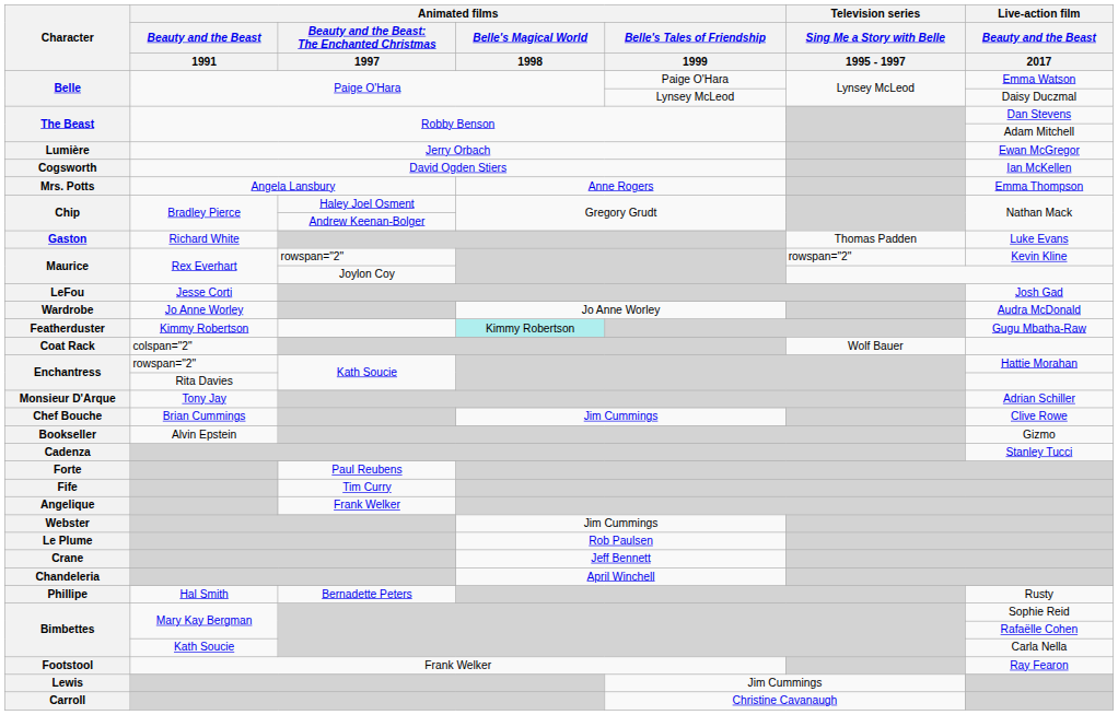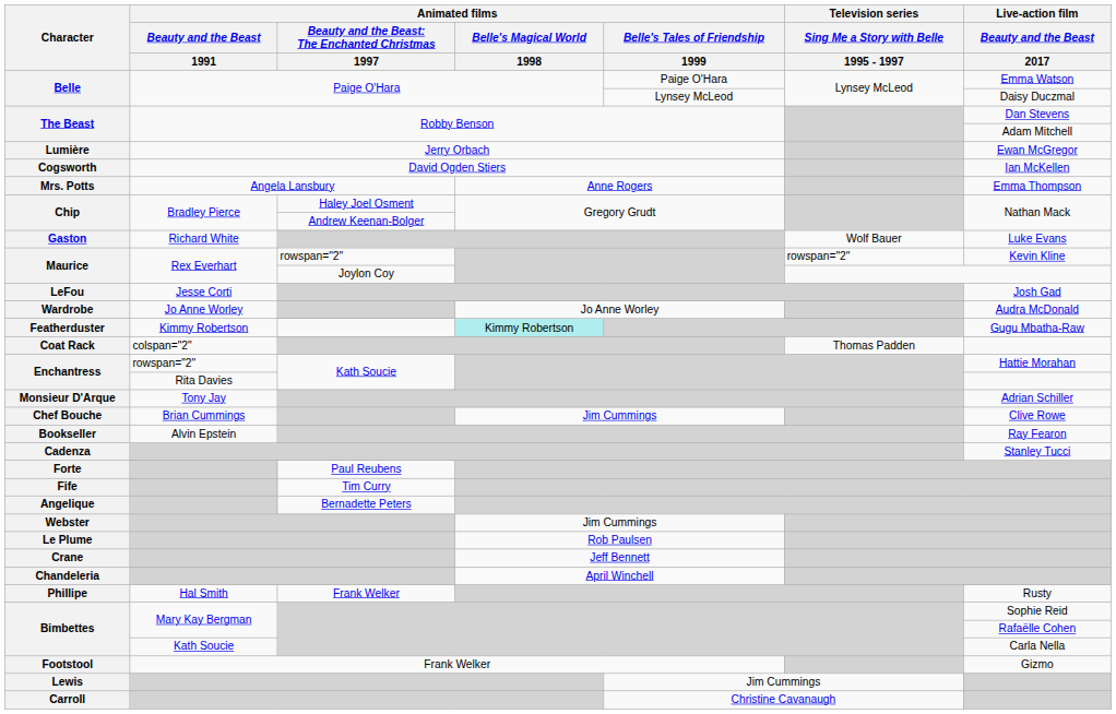 <table class="wikitable" width="100%">
 <tr>
 <th rowspan="3">Character</th>
 <th colspan="4">Animated films</th>
 <th>Television series</th>
 <th>Live-action film</th>
 </tr>
 <tr>
 <th><em><a href='#'>Beauty and the Beast</a></em></th>
 <th><em><a href='#'>Beauty and the Beast:<br>The Enchanted Christmas</a></em></th>
 <th><em><a href='#'>Belle's Magical World</a></em></th>
 <th><em><a href='#'>Belle's Tales of Friendship</a></em></th>
 <th><em><a href='#'>Sing Me a Story with Belle</a></em></th>
 <th><em><a href='#'>Beauty and the Beast</a></em></th>
 </tr>
 <tr>
 <th>1991</th>
 <th>1997</th>
 <th>1998</th>
 <th>1999</th>
 <th>1995 - 1997</th>
 <th>2017</th>
 </tr>
 <tr>
 <th rowspan="2"><a href='#'>Belle</a></th>
 <td rowspan="2" colspan="3" align="center"><a href='#'>Paige O'Hara</a></td>
 <td align="center">Paige O'Hara</td>
 <td rowspan="2" align="center">Lynsey McLeod</td>
 <td align="center"><a href='#'>Emma Watson</a></td>
 </tr>
 <tr>
 <td align="center">Lynsey McLeod</td>
 <td align="center">Daisy Duczmal</td>
 </tr>
 <tr>
 <th rowspan="2"><a href='#'>The Beast</a></th>
 <td rowspan="2" colspan="4" align="center"><a href='#'>Robby Benson</a></td>
 <td rowspan="2" align="center" style="background:#d3d3d3;"></td>
 <td align="center"><a href='#'>Dan Stevens</a></td>
 </tr>
 <tr>
 <td align="center">Adam Mitchell</td>
 </tr>
 <tr>
 <th>Lumière</th>
 <td colspan="4" align="center"><a href='#'>Jerry Orbach</a></td>
 <td align="center" style="background:#d3d3d3;"></td>
 <td align="center"><a href='#'>Ewan McGregor</a></td>
 </tr>
 <tr>
 <th>Cogsworth</th>
 <td colspan="4" align="center"><a href='#'>David Ogden Stiers</a></td>
 <td align="center" style="background:#d3d3d3;"></td>
 <td align="center"><a href='#'>Ian McKellen</a></td>
 </tr>
 <tr>
 <th>Mrs. Potts</th>
 <td colspan="2" align="center"><a href='#'>Angela Lansbury</a></td>
 <td colspan="2" align="center"><a href='#'>Anne Rogers</a></td>
 <td align="center" style="background:#d3d3d3;"></td>
 <td align="center"><a href='#'>Emma Thompson</a></td>
 </tr>
 <tr>
 <th rowspan="2">Chip</th>
 <td rowspan="2" align="center"><a href='#'>Bradley Pierce</a></td>
 <td align="center"><a href='#'>Haley Joel Osment</a></td>
 <td rowspan="2" colspan="2" align="center">Gregory Grudt</td>
 <td rowspan="2" align="center" style="background:#d3d3d3;"></td>
 <td rowspan="2" align="center">Nathan Mack</td>
 </tr>
 <tr>
 <td align="center"><a href='#'>Andrew Keenan-Bolger</a></td>
 </tr>
 <tr>
 <th><a href='#'>Gaston</a></th>
 <td align="center"><a href='#'>Richard White</a></td>
 <td colspan="3" align="center" style="background:#d3d3d3;"></td>
-<td align="center">Thomas Padden</td>
+<td align="center">Wolf Bauer</td>
 <td align="center"><a href='#'>Luke Evans</a></td>
 </tr>
 <tr>
 <th rowspan="2">Maurice</th>
 <td rowspan="2" align="center"><a href='#'>Rex Everhart</a></td>
 <td>rowspan="2" </td>
 <td rowspan="2" colspan="2" align="center" style="background:#d3d3d3;"></td>
 <td>rowspan="2" </td>
 <td align="center"><a href='#'>Kevin Kline</a></td>
 </tr>
 <tr>
 <td align="center">Joylon Coy</td>
 </tr>
 <tr>
 <th>LeFou</th>
 <td align="center"><a href='#'>Jesse Corti</a></td>
 <td colspan="4" align="center" style="background:#d3d3d3;"></td>
 <td align="center"><a href='#'>Josh Gad</a></td>
 </tr>
 <tr>
 <th>Wardrobe</th>
 <td align="center"><a href='#'>Jo Anne Worley</a></td>
 <td align="center" style="background:#d3d3d3;"></td>
 <td colspan="2" align="center">Jo Anne Worley</td>
 <td align="center" style="background:#d3d3d3;"></td>
 <td align="center"><a href='#'>Audra McDonald</a></td>
 </tr>
 <tr>
 <th>Featherduster</th>
 <td align="center"><a href='#'>Kimmy Robertson</a></td>
 <td></td>
 <td align="center" style="background: paleturquoise;">Kimmy Robertson</td>
 <td colspan="2" align="center" style="background:#d3d3d3;"></td>
 <td align="center"><a href='#'>Gugu Mbatha-Raw</a></td>
 </tr>
 <tr>
 <th>Coat Rack</th>
 <td>colspan="2" </td>
 <td colspan="3" align="center" style="background:#d3d3d3;"></td>
-<td align="center">Wolf Bauer</td>
+<td align="center">Thomas Padden</td>
 </tr>
 <tr>
 <th rowspan="2">Enchantress</th>
 <td>rowspan="2" </td>
 <td rowspan="2" align="center"><a href='#'>Kath Soucie</a></td>
 <td rowspan="2" colspan="3" align="center" style="background:#d3d3d3;"></td>
 <td align="center"><a href='#'>Hattie Morahan</a></td>
 </tr>
 <tr>
 <td align="center">Rita Davies</td>
 </tr>
 <tr>
 <th>Monsieur D'Arque</th>
 <td align="center"><a href='#'>Tony Jay</a></td>
 <td colspan="4" align="center" style="background:#d3d3d3;"></td>
 <td align="center"><a href='#'>Adrian Schiller</a></td>
 </tr>
 <tr>
 <th>Chef Bouche</th>
 <td align="center"><a href='#'>Brian Cummings</a></td>
 <td align="center" style="background:#d3d3d3;"></td>
 <td colspan="2" align="center"><a href='#'>Jim Cummings</a></td>
 <td align="center" style="background:#d3d3d3;"></td>
 <td align="center"><a href='#'>Clive Rowe</a></td>
 </tr>
 <tr>
 <th>Bookseller</th>
 <td align="center">Alvin Epstein</td>
 <td colspan="4" align="center" style="background:#d3d3d3;"></td>
-<td align="center">Gizmo</td>
+<td align="center"><a href='#'>Ray Fearon</a></td>
 </tr>
 <tr>
 <th>Cadenza</th>
 <td colspan="5" align="center" style="background:#d3d3d3;"></td>
 <td align="center"><a href='#'>Stanley Tucci</a></td>
 </tr>
 <tr>
 <th>Forte</th>
 <td align="center" style="background:#d3d3d3;"></td>
 <td align="center"><a href='#'>Paul Reubens</a></td>
 <td colspan="4" align="center" style="background:#d3d3d3;"></td>
 </tr>
 <tr>
 <th>Fife</th>
 <td align="center" style="background:#d3d3d3;"></td>
 <td align="center"><a href='#'>Tim Curry</a></td>
 <td colspan="4" align="center" style="background:#d3d3d3;"></td>
 </tr>
 <tr>
 <th>Angelique</th>
 <td align="center" style="background:#d3d3d3;"></td>
-<td align="center"><a href='#'>Frank Welker</a></td>
+<td align="center"><a href='#'>Bernadette Peters</a></td>
 <td colspan="4" align="center" style="background:#d3d3d3;"></td>
 </tr>
 <tr>
 <th>Webster</th>
 <td colspan="2" align="center" style="background:#d3d3d3;"></td>
 <td colspan="2" align="center">Jim Cummings</td>
 <td colspan="2" align="center" style="background:#d3d3d3;"></td>
 </tr>
 <tr>
 <th>Le Plume</th>
 <td colspan="2" align="center" style="background:#d3d3d3;"></td>
 <td colspan="2" align="center"><a href='#'>Rob Paulsen</a></td>
 <td colspan="2" align="center" style="background:#d3d3d3;"></td>
 </tr>
 <tr>
 <th>Crane</th>
 <td colspan="2" align="center" style="background:#d3d3d3;"></td>
 <td colspan="2" align="center"><a href='#'>Jeff Bennett</a></td>
 <td colspan="2" align="center" style="background:#d3d3d3;"></td>
 </tr>
 <tr>
 <th>Chandeleria</th>
 <td colspan="2" align="center" style="background:#d3d3d3;"></td>
 <td colspan="2" align="center"><a href='#'>April Winchell</a></td>
 <td colspan="2" align="center" style="background:#d3d3d3;"></td>
 </tr>
 <tr>
 <th>Phillipe</th>
 <td align="center"><a href='#'>Hal Smith</a></td>
-<td align="center"><a href='#'>Bernadette Peters</a></td>
+<td align="center"><a href='#'>Frank Welker</a></td>
 <td colspan="3" align="center" style="background:#d3d3d3;"></td>
 <td align="center">Rusty</td>
 </tr>
 <tr>
 <th rowspan="3">Bimbettes</th>
 <td rowspan="2" align="center"><a href='#'>Mary Kay Bergman</a></td>
 <td colspan="4" rowspan="3" align="center" style="background:#d3d3d3;"></td>
 <td align="center">Sophie Reid</td>
 </tr>
 <tr>
 <td align="center"><a href='#'>Rafaëlle Cohen</a></td>
 </tr>
 <tr>
 <td align="center"><a href='#'>Kath Soucie</a></td>
 <td align="center">Carla Nella</td>
 </tr>
 <tr>
 <th>Footstool</th>
 <td colspan="4" align="center">Frank Welker</td>
 <td align="center" style="background:#d3d3d3;"></td>
-<td align="center"><a href='#'>Ray Fearon</a></td>
+<td align="center">Gizmo</td>
 </tr>
 <tr>
 <th>Lewis</th>
 <td colspan="3" align="center" style="background:#d3d3d3;"></td>
 <td colspan="2" align="center">Jim Cummings</td>
 <td align="center" style="background:#d3d3d3;"></td>
 </tr>
 <tr>
 <th>Carroll</th>
 <td colspan="3" align="center" style="background:#d3d3d3;"></td>
 <td colspan="2" align="center"><a href='#'>Christine Cavanaugh</a></td>
 <td align="center" style="background:#d3d3d3;"></td>
 </tr>
 </table>
